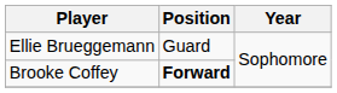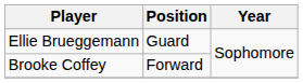 <table class="wikitable" border="1">
 <tr align=center>
 <th style= >Player</th>
 <th style= >Position</th>
 <th style= >Year</th>
 </tr>
 <tr>
 <td>Ellie Brueggemann</td>
 <td>Guard</td>
 <td rowspan=2>Sophomore</td>
 </tr>
 <tr>
 <td>Brooke Coffey</td>
-<td><strong>Forward</strong></td>
+<td>Forward</td>
 </tr>
 <tr>
 </tr>
 </table>
